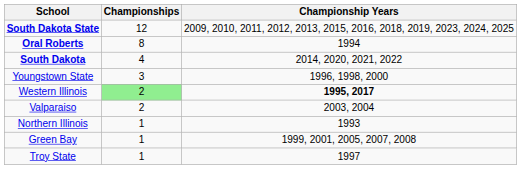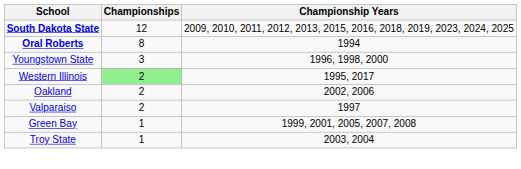 <table class="wikitable sortable" style="text-align:center">
 <tr>
 <th width=px>School</th>
 <th width=px>Championships</th>
 <th width=px>Championship Years</th>
 </tr>
 <tr>
 <td><strong><a href='#'>South Dakota State</a></strong></td>
 <td align=center>12</td>
 <td>2009, 2010, 2011, 2012, 2013, 2015, 2016, 2018, 2019, 2023, 2024, 2025</td>
 </tr>
 <tr>
 <td><strong><a href='#'>Oral Roberts</a></strong></td>
 <td align=center>8</td>
 <td>1994</td>
 </tr>
 <tr>
-<td><strong><a href='#'>South Dakota</a></strong></td>
-<td align="center">4</td>
-<td>2014, 2020, 2021, 2022</td>
-</tr>
-<tr>
 <td><a href='#'>Youngstown State</a></td>
 <td align=center>3</td>
 <td>1996, 1998, 2000</td>
 </tr>
 <tr>
 <td><a href='#'>Western Illinois</a></td>
 <td align="center" style="background: lightgreen;">2</td>
-<td><strong>1995, 2017</strong></td>
+<td>1995, 2017</td>
+</tr>
+<tr>
+<td><a href='#'>Oakland</a></td>
+<td align=center>2</td>
+<td>2002, 2006</td>
 </tr>
 <tr>
 <td><a href='#'>Valparaiso</a></td>
 <td align=center>2</td>
-<td>2003, 2004</td>
-</tr>
-<tr>
-<td><a href='#'>Northern Illinois</a></td>
-<td align=center>1</td>
-<td>1993</td>
+<td>1997</td>
 </tr>
 <tr>
 <td><a href='#'>Green Bay</a></td>
 <td align="center">1</td>
 <td>1999, 2001, 2005, 2007, 2008</td>
 </tr>
 <tr>
 <td><a href='#'>Troy State</a></td>
 <td align=center>1</td>
-<td>1997</td>
+<td>2003, 2004</td>
 </tr>
 </table>
